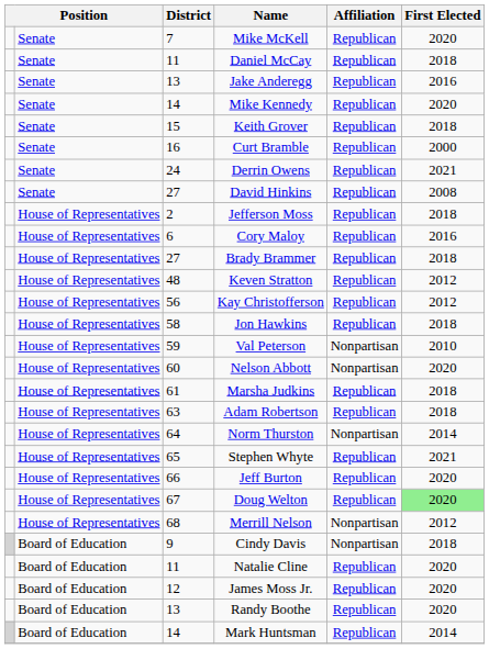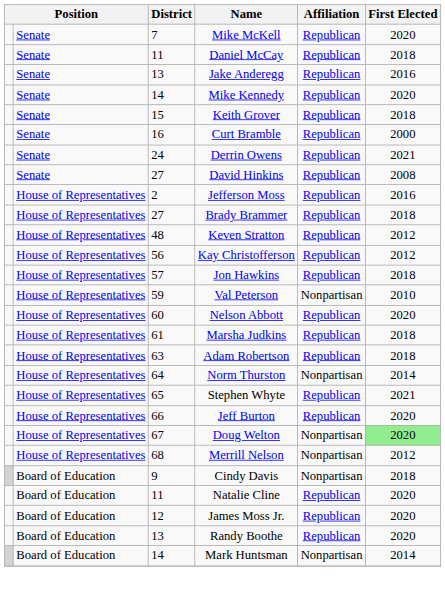 <table class="wikitable">
 <tr>
 <th colspan="2" style="text-align:center; vertical-align:bottom;">Position</th>
 <th>District</th>
 <th style="text-align:center;">Name</th>
 <th valign="bottom">Affiliation</th>
 <th style="vertical-align:bottom; text-align:center;">First Elected</th>
 </tr>
 <tr>
 <td style="background-color:"> </td>
 <td><a href='#'>Senate</a></td>
 <td>7</td>
 <td style="text-align:center;"><a href='#'>Mike McKell</a></td>
 <td style="text-align:center;"><a href='#'>Republican</a></td>
 <td style="text-align:center;">2020</td>
 </tr>
 <tr>
 <td style="background-color:"> </td>
 <td><a href='#'>Senate</a></td>
 <td>11</td>
 <td style="text-align:center;"><a href='#'>Daniel McCay</a></td>
 <td style="text-align:center;"><a href='#'>Republican</a></td>
 <td style="text-align:center;">2018</td>
 </tr>
 <tr>
 <td style="background-color:"> </td>
 <td><a href='#'>Senate</a></td>
 <td>13</td>
 <td style="text-align:center;"><a href='#'>Jake Anderegg</a></td>
 <td style="text-align:center;"><a href='#'>Republican</a></td>
 <td style="text-align:center;">2016</td>
 </tr>
 <tr>
 <td style="background-color:"> </td>
 <td><a href='#'>Senate</a></td>
 <td>14</td>
 <td style="text-align:center;"><a href='#'>Mike Kennedy</a></td>
 <td style="text-align:center;"><a href='#'>Republican</a></td>
 <td style="text-align:center;">2020</td>
 </tr>
 <tr>
 <td style="background-color:"> </td>
 <td><a href='#'>Senate</a></td>
 <td>15</td>
 <td style="text-align:center;"><a href='#'>Keith Grover</a></td>
 <td style="text-align:center;"><a href='#'>Republican</a></td>
 <td style="text-align:center;">2018</td>
 </tr>
 <tr>
 <td style="background-color:"> </td>
 <td><a href='#'>Senate</a></td>
 <td>16</td>
 <td style="text-align:center;"><a href='#'>Curt Bramble</a></td>
 <td style="text-align:center;"><a href='#'>Republican</a></td>
 <td style="text-align:center;">2000</td>
 </tr>
 <tr>
 <td style="background-color:"> </td>
 <td><a href='#'>Senate</a></td>
 <td>24</td>
 <td style="text-align:center;"><a href='#'>Derrin Owens</a></td>
 <td style="text-align:center;"><a href='#'>Republican</a></td>
 <td style="text-align:center;">2021</td>
 </tr>
 <tr>
 <td style="background-color:"> </td>
 <td><a href='#'>Senate</a></td>
 <td>27</td>
 <td style="text-align:center;"><a href='#'>David Hinkins</a></td>
 <td style="text-align:center;"><a href='#'>Republican</a></td>
 <td style="text-align:center;">2008</td>
 </tr>
 <tr>
 <td style="background-color:"> </td>
 <td><a href='#'>House of Representatives</a></td>
 <td>2</td>
 <td style="text-align:center;"><a href='#'>Jefferson Moss</a></td>
 <td style="text-align:center;"><a href='#'>Republican</a></td>
-<td style="text-align:center;">2018</td>
-</tr>
-<tr>
-<td style="background-color:"> </td>
-<td><a href='#'>House of Representatives</a></td>
-<td>6</td>
-<td style="text-align:center;"><a href='#'>Cory Maloy</a></td>
-<td style="text-align:center;"><a href='#'>Republican</a></td>
 <td style="text-align:center;">2016</td>
 </tr>
 <tr>
 <td style="background-color:"> </td>
 <td><a href='#'>House of Representatives</a></td>
 <td>27</td>
 <td style="text-align:center;"><a href='#'>Brady Brammer</a></td>
 <td style="text-align:center;"><a href='#'>Republican</a></td>
 <td style="text-align:center;">2018</td>
 </tr>
 <tr>
 <td style="background-color:"> </td>
 <td><a href='#'>House of Representatives</a></td>
 <td>48</td>
 <td style="text-align:center;"><a href='#'>Keven Stratton</a></td>
 <td style="text-align:center;"><a href='#'>Republican</a></td>
 <td style="text-align:center;">2012</td>
 </tr>
 <tr>
 <td style="background-color:"> </td>
 <td><a href='#'>House of Representatives</a></td>
 <td>56</td>
 <td style="text-align:center;"><a href='#'>Kay Christofferson</a></td>
 <td style="text-align:center;"><a href='#'>Republican</a></td>
 <td style="text-align:center;">2012</td>
 </tr>
 <tr>
 <td style="background-color:"> </td>
 <td><a href='#'>House of Representatives</a></td>
-<td>58</td>
+<td>57</td>
 <td style="text-align:center;"><a href='#'>Jon Hawkins</a></td>
 <td style="text-align:center;"><a href='#'>Republican</a></td>
 <td style="text-align:center;">2018</td>
 </tr>
 <tr>
 <td style="background-color:"> </td>
 <td><a href='#'>House of Representatives</a></td>
 <td>59</td>
 <td style="text-align:center;"><a href='#'>Val Peterson</a></td>
 <td style="text-align:center;">Nonpartisan</td>
 <td style="text-align:center;">2010</td>
 </tr>
 <tr>
 <td style="background-color:"> </td>
 <td><a href='#'>House of Representatives</a></td>
 <td>60</td>
 <td style="text-align:center;"><a href='#'>Nelson Abbott</a></td>
-<td style="text-align:center;">Nonpartisan</td>
+<td style="text-align:center;"><a href='#'>Republican</a></td>
 <td style="text-align:center;">2020</td>
 </tr>
 <tr>
 <td style="background-color:"> </td>
 <td><a href='#'>House of Representatives</a></td>
 <td>61</td>
 <td style="text-align:center;"><a href='#'>Marsha Judkins</a></td>
 <td style="text-align:center;"><a href='#'>Republican</a></td>
 <td style="text-align:center;">2018</td>
 </tr>
 <tr>
 <td style="background-color:"> </td>
 <td><a href='#'>House of Representatives</a></td>
 <td>63</td>
 <td style="text-align:center;"><a href='#'>Adam Robertson</a></td>
 <td style="text-align:center;"><a href='#'>Republican</a></td>
 <td style="text-align:center;">2018</td>
 </tr>
 <tr>
 <td style="background-color:"> </td>
 <td><a href='#'>House of Representatives</a></td>
 <td>64</td>
 <td style="text-align:center;"><a href='#'>Norm Thurston</a></td>
 <td style="text-align:center;">Nonpartisan</td>
 <td style="text-align:center;">2014</td>
 </tr>
 <tr>
 <td style="background-color:"> </td>
 <td><a href='#'>House of Representatives</a></td>
 <td>65</td>
 <td style="text-align:center;">Stephen Whyte</td>
 <td style="text-align:center;"><a href='#'>Republican</a></td>
 <td style="text-align:center;">2021</td>
 </tr>
 <tr>
 <td style="background-color:"> </td>
 <td><a href='#'>House of Representatives</a></td>
 <td>66</td>
 <td style="text-align:center;"><a href='#'>Jeff Burton</a></td>
 <td style="text-align:center;"><a href='#'>Republican</a></td>
 <td style="text-align:center;">2020</td>
 </tr>
 <tr>
 <td style="background-color:"> </td>
 <td><a href='#'>House of Representatives</a></td>
 <td>67</td>
 <td style="text-align:center;"><a href='#'>Doug Welton</a></td>
-<td style="text-align:center;"><a href='#'>Republican</a></td>
+<td style="text-align:center;">Nonpartisan</td>
 <td style="background: lightgreen; text-align:center;">2020</td>
 </tr>
 <tr>
 <td style="background-color:"> </td>
 <td><a href='#'>House of Representatives</a></td>
 <td>68</td>
 <td style="text-align:center;"><a href='#'>Merrill Nelson</a></td>
 <td style="text-align:center;">Nonpartisan</td>
 <td style="text-align:center;">2012</td>
 </tr>
 <tr>
 <td style="background-color:lightgrey"> </td>
 <td>Board of Education</td>
 <td>9</td>
 <td style="text-align:center;">Cindy Davis</td>
 <td style="text-align:center;">Nonpartisan</td>
 <td style="text-align:center;">2018</td>
 </tr>
 <tr>
 <td style="background-color:"> </td>
 <td>Board of Education</td>
 <td>11</td>
 <td style="text-align:center;">Natalie Cline</td>
 <td style="text-align:center;"><a href='#'>Republican</a></td>
 <td style="text-align:center;">2020</td>
 </tr>
 <tr>
 <td style="background-color:"> </td>
 <td>Board of Education</td>
 <td>12</td>
 <td style="text-align:center;">James Moss Jr.</td>
 <td style="text-align:center;"><a href='#'>Republican</a></td>
 <td style="text-align:center;">2020</td>
 </tr>
 <tr>
 <td style="background-color:"> </td>
 <td>Board of Education</td>
 <td>13</td>
 <td style="text-align:center;">Randy Boothe</td>
 <td style="text-align:center;"><a href='#'>Republican</a></td>
 <td style="text-align:center;">2020</td>
 </tr>
 <tr>
 <td style="background-color:lightgrey"> </td>
 <td>Board of Education</td>
 <td>14</td>
 <td style="text-align:center;">Mark Huntsman</td>
-<td style="text-align:center;"><a href='#'>Republican</a></td>
+<td style="text-align:center;">Nonpartisan</td>
 <td style="text-align:center;">2014</td>
 </tr>
 <tr>
 </tr>
 </table>
